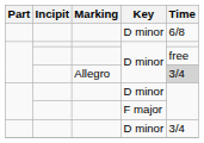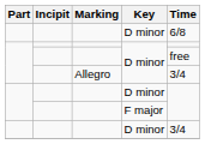 <table class="wikitable plainrowheaders">
 <tr>
 <th scope="col">Part</th>
 <th scope="col">Incipit</th>
 <th scope="col">Marking</th>
 <th scope="col">Key</th>
 <th scope="col">Time</th>
 </tr>
 <tr>
 <td style="text-align: center;"></td>
 <td></td>
 <td></td>
 <td>D minor</td>
 <td>6/8</td>
 </tr>
 <tr>
 <td rowspan="3" style="text-align: center;"></td>
 <td></td>
 <td></td>
 <td rowspan="3">D minor</td>
 <td></td>
 </tr>
 <tr>
 <td></td>
 <td></td>
 <td>free</td>
 </tr>
 <tr>
 <td></td>
 <td>Allegro</td>
-<td style="background: lightgrey;">3/4</td>
+<td>3/4</td>
 </tr>
 <tr>
 <td rowspan="2" style="text-align: center;"></td>
 <td></td>
 <td></td>
 <td>D minor</td>
 <td rowspan="2"></td>
 </tr>
 <tr>
 <td></td>
 <td></td>
 <td>F major</td>
 </tr>
 <tr>
 <td style="text-align: center;"></td>
 <td></td>
 <td></td>
 <td>D minor</td>
 <td>3/4</td>
 </tr>
 <tr>
 </tr>
 </table>
